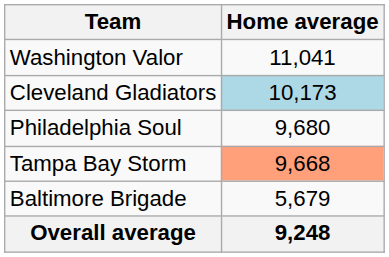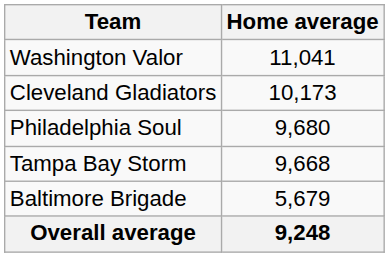 <table class="wikitable">
 <tr>
 <th>Team</th>
 <th>Home average</th>
 </tr>
 <tr>
 <td>Washington Valor</td>
 <td align="center">11,041</td>
 </tr>
 <tr>
 <td>Cleveland Gladiators</td>
-<td align="center" style="background: lightblue;">10,173</td>
+<td align="center">10,173</td>
 </tr>
 <tr>
 <td>Philadelphia Soul</td>
 <td align="center">9,680</td>
 </tr>
 <tr>
 <td>Tampa Bay Storm</td>
-<td align="center" style="background: lightsalmon;">9,668</td>
+<td align="center">9,668</td>
 </tr>
 <tr>
 <td>Baltimore Brigade</td>
 <td align="center">5,679</td>
 </tr>
 <tr>
 <th>Overall average</th>
 <th>9,248</th>
 </tr>
 </table>
